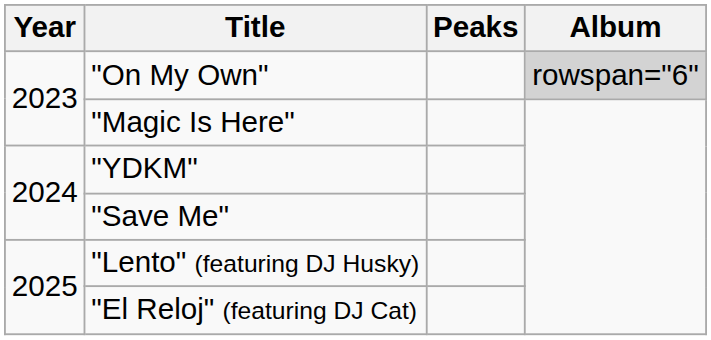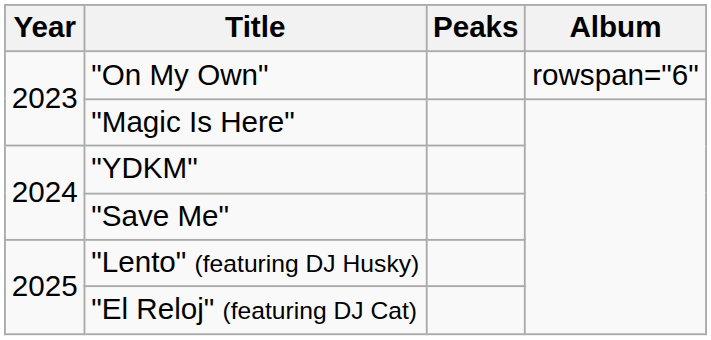 <table class="wikitable sortable">
 <tr>
 <th>Year</th>
 <th>Title</th>
 <th>Peaks</th>
 <th>Album</th>
 </tr>
 <tr>
 <td rowspan="2">2023</td>
 <td>"On My Own"</td>
 <td></td>
-<td style="background: lightgrey;">rowspan="6"</td>
+<td>rowspan="6"</td>
 </tr>
 <tr>
 <td>"Magic Is Here"</td>
 <td></td>
 </tr>
 <tr>
 <td rowspan="2">2024</td>
 <td>"YDKM"</td>
 <td></td>
 </tr>
 <tr>
 <td>"Save Me"</td>
 <td></td>
 </tr>
 <tr>
 <td rowspan="2">2025</td>
 <td>"Lento" <small>(featuring DJ Husky)</small></td>
 <td></td>
 </tr>
 <tr>
 <td>"El Reloj" <small>(featuring DJ Cat)</small></td>
 <td></td>
 </tr>
 </table>
